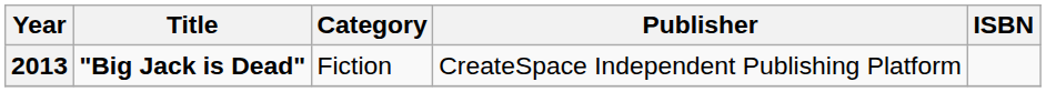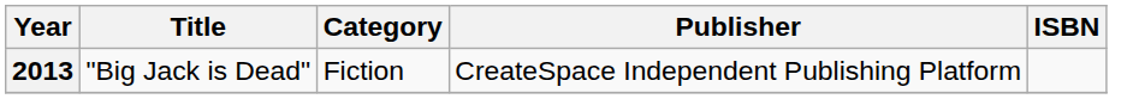 <table class="wikitable unsortable">
 <tr>
 <th>Year</th>
 <th>Title</th>
 <th>Category</th>
 <th>Publisher</th>
 <th>ISBN</th>
 </tr>
 <tr>
 <th>2013</th>
-<td><strong>"Big Jack is Dead"</strong></td>
+<td>"Big Jack is Dead"</td>
 <td>Fiction</td>
 <td>CreateSpace Independent Publishing Platform</td>
 <td></td>
 </tr>
 <tr>
 </tr>
 </table>
